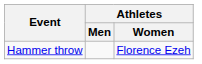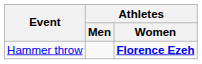 <table class=wikitable style="font-size:90%">
 <tr>
 <th rowspan=2>Event</th>
 <th colspan=2>Athletes</th>
 </tr>
 <tr>
 <th>Men</th>
 <th>Women</th>
 </tr>
 <tr>
 <td><a href='#'>Hammer throw</a></td>
 <td></td>
-<td><a href='#'>Florence Ezeh</a></td>
+<td><strong><a href='#'>Florence Ezeh</a></strong></td>
 </tr>
 </table>
